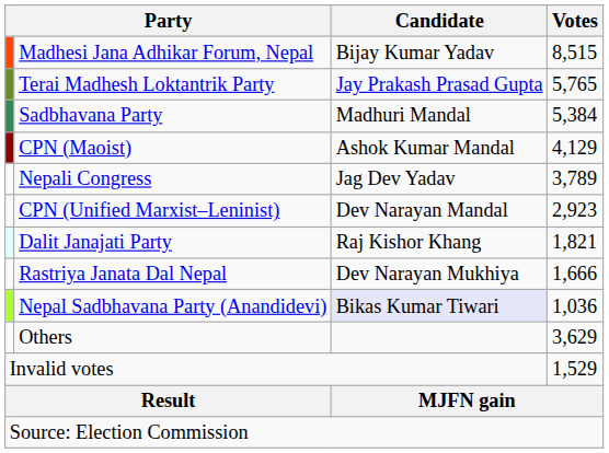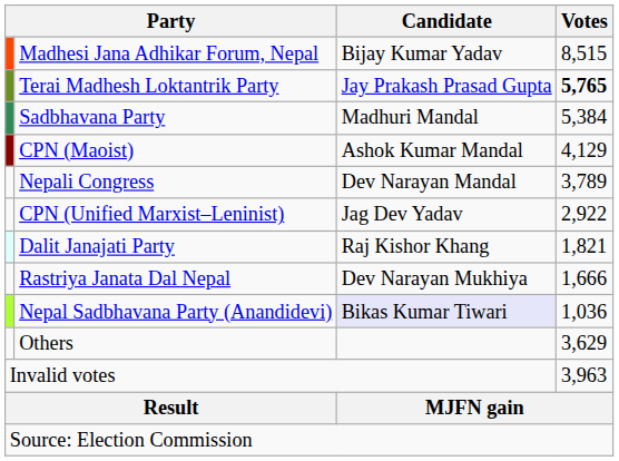 <table class="wikitable">
 <tr>
 <th colspan="2">Party</th>
 <th>Candidate</th>
 <th>Votes</th>
 </tr>
 <tr>
 <td style="background-color:orangered"></td>
 <td><a href='#'>Madhesi Jana Adhikar Forum, Nepal</a></td>
 <td>Bijay Kumar Yadav</td>
 <td>8,515</td>
 </tr>
 <tr>
 <td style="background-color:olivedrab"></td>
 <td><a href='#'>Terai Madhesh Loktantrik Party</a></td>
 <td><a href='#'>Jay Prakash Prasad Gupta</a></td>
-<td>5,765</td>
+<td><strong>5,765</strong></td>
 </tr>
 <tr>
 <td style="background-color:seagreen"></td>
 <td><a href='#'>Sadbhavana Party</a></td>
 <td>Madhuri Mandal</td>
 <td>5,384</td>
 </tr>
 <tr>
 <td style="background-color:darkred"></td>
 <td><a href='#'>CPN (Maoist)</a></td>
 <td>Ashok Kumar Mandal</td>
 <td>4,129</td>
 </tr>
 <tr>
 <td style="background-color:"></td>
 <td><a href='#'>Nepali Congress</a></td>
-<td>Jag Dev Yadav</td>
+<td>Dev Narayan Mandal</td>
 <td>3,789</td>
 </tr>
 <tr>
 <td style="background-color:"></td>
 <td><a href='#'>CPN (Unified Marxist–Leninist)</a></td>
-<td>Dev Narayan Mandal</td>
-<td>2,923</td>
+<td>Jag Dev Yadav</td>
+<td>2,922</td>
 </tr>
 <tr>
 <td style="background-color:#e0ffff"></td>
 <td><a href='#'>Dalit Janajati Party</a></td>
 <td>Raj Kishor Khang</td>
 <td>1,821</td>
 </tr>
 <tr>
 <td></td>
 <td><a href='#'>Rastriya Janata Dal Nepal</a></td>
 <td>Dev Narayan Mukhiya</td>
 <td>1,666</td>
 </tr>
 <tr>
 <td style="background-color:greenyellow"></td>
 <td><a href='#'>Nepal Sadbhavana Party (Anandidevi)</a></td>
 <td style="background: lavender;">Bikas Kumar Tiwari</td>
 <td>1,036</td>
 </tr>
 <tr>
 <td></td>
 <td>Others</td>
 <td></td>
 <td>3,629</td>
 </tr>
 <tr>
 <td colspan="3">Invalid votes</td>
-<td>1,529</td>
+<td>3,963</td>
 </tr>
 <tr>
 <th colspan="2">Result</th>
 <th colspan="2">MJFN gain</th>
 </tr>
 <tr>
 <td colspan="4">Source: Election Commission</td>
 </tr>
 </table>
